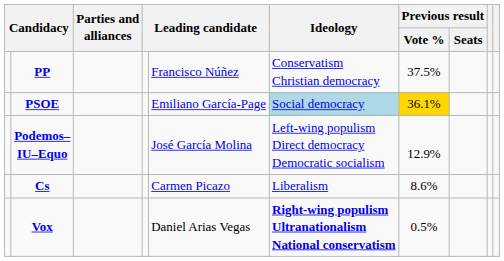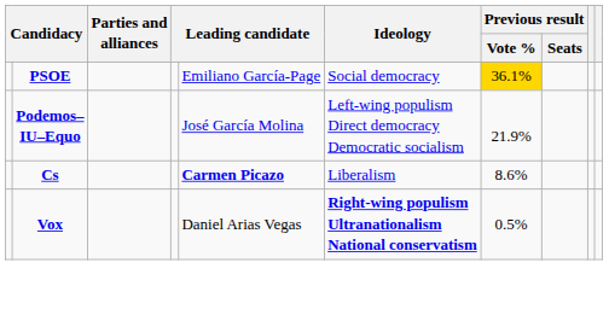 <table class="wikitable" style="line-height:1.35em; text-align:left;">
 <tr>
 <th colspan="2" rowspan="2">Candidacy</th>
 <th rowspan="2">Parties and<br>alliances</th>
 <th colspan="2" rowspan="2">Leading candidate</th>
 <th rowspan="2">Ideology</th>
 <th colspan="2">Previous result</th>
 <th rowspan="2"></th>
 <th rowspan="2"></th>
 </tr>
 <tr>
 <th>Vote %</th>
 <th>Seats</th>
 </tr>
 <tr>
-<td width="1" style="color:inherit;background:"></td>
-<td align="center"><strong><a href='#'>PP</a></strong></td>
-<td></td>
-<td></td>
-<td><a href='#'>Francisco Núñez</a></td>
-<td><a href='#'>Conservatism</a><br><a href='#'>Christian democracy</a></td>
-<td align="center">37.5%</td>
-<td></td>
-<td></td>
-<td></td>
-</tr>
-<tr>
 <td style="color:inherit;background:"></td>
 <td align="center"><strong><a href='#'>PSOE</a></strong></td>
 <td></td>
 <td></td>
 <td><a href='#'>Emiliano García-Page</a></td>
-<td style="background: lightblue;"><a href='#'>Social democracy</a></td>
+<td><a href='#'>Social democracy</a></td>
 <td align="center" style="background: gold;">36.1%</td>
 <td></td>
 <td></td>
 <td></td>
 </tr>
 <tr>
 <td style="color:inherit;background:"></td>
 <td align="center"><strong><a href='#'>Podemos–<br>IU–Equo</a></strong></td>
 <td></td>
 <td></td>
 <td><a href='#'>José García Molina</a></td>
 <td><a href='#'>Left-wing populism</a><br><a href='#'>Direct democracy</a><br><a href='#'>Democratic socialism</a></td>
-<td align="center"><br>12.9%<br></td>
+<td align="center"><br>21.9%<br></td>
 <td></td>
 <td></td>
 <td><br></td>
 </tr>
 <tr>
 <td style="color:inherit;background:"></td>
 <td align="center"><strong><a href='#'>Cs</a></strong></td>
 <td></td>
 <td></td>
-<td><a href='#'>Carmen Picazo</a></td>
+<td><strong><a href='#'>Carmen Picazo</a></strong></td>
 <td><a href='#'>Liberalism</a></td>
 <td align="center">8.6%</td>
 <td></td>
 <td></td>
 <td></td>
 </tr>
 <tr>
 <td style="color:inherit;background:"></td>
 <td align="center"><strong><a href='#'>Vox</a></strong></td>
 <td></td>
 <td></td>
 <td>Daniel Arias Vegas</td>
 <td><strong><a href='#'>Right-wing populism</a><br><a href='#'>Ultranationalism</a><br><a href='#'>National conservatism</a></strong></td>
 <td align="center">0.5%</td>
 <td></td>
 <td></td>
 <td></td>
 </tr>
 </table>
